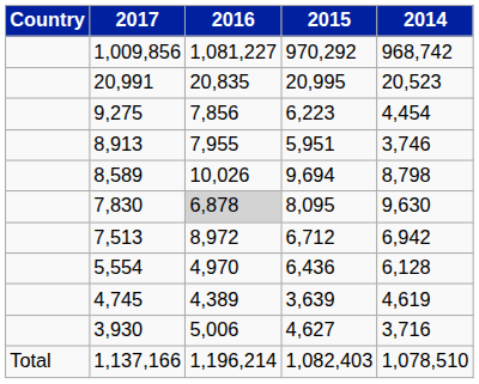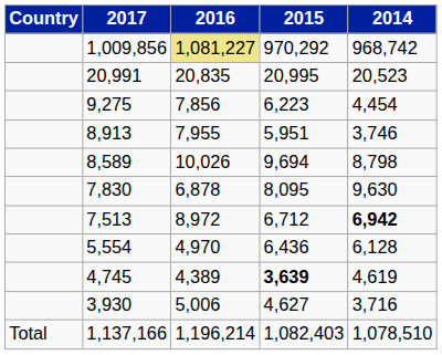 <table class="wikitable sortable">
 <tr>
 </tr>
 <tr style=color:white>
 <th style=background:#00209F>Country</th>
 <th style=background:#00209F>2017</th>
 <th style=background:#00209F>2016</th>
 <th style=background:#00209F>2015</th>
 <th style=background:#00209F>2014</th>
 </tr>
 <tr>
 <td></td>
 <td>1,009,856</td>
-<td>1,081,227</td>
+<td style="background: khaki;">1,081,227</td>
 <td>970,292</td>
 <td>968,742</td>
 </tr>
 <tr>
 <td></td>
 <td>20,991</td>
 <td>20,835</td>
 <td>20,995</td>
 <td>20,523</td>
 </tr>
 <tr>
 <td></td>
 <td>9,275</td>
 <td>7,856</td>
 <td>6,223</td>
 <td>4,454</td>
 </tr>
 <tr>
 <td></td>
 <td>8,913</td>
 <td>7,955</td>
 <td>5,951</td>
 <td>3,746</td>
 </tr>
 <tr>
 <td></td>
 <td>8,589</td>
 <td>10,026</td>
 <td>9,694</td>
 <td>8,798</td>
 </tr>
 <tr>
 <td></td>
 <td>7,830</td>
-<td style="background: lightgrey;">6,878</td>
+<td>6,878</td>
 <td>8,095</td>
 <td>9,630</td>
 </tr>
 <tr>
 <td></td>
 <td>7,513</td>
 <td>8,972</td>
 <td>6,712</td>
-<td>6,942</td>
+<td><strong>6,942</strong></td>
 </tr>
 <tr>
 <td></td>
 <td>5,554</td>
 <td>4,970</td>
 <td>6,436</td>
 <td>6,128</td>
 </tr>
 <tr>
 <td></td>
 <td>4,745</td>
 <td>4,389</td>
-<td>3,639</td>
+<td><strong>3,639</strong></td>
 <td>4,619</td>
 </tr>
 <tr>
 <td></td>
 <td>3,930</td>
 <td>5,006</td>
 <td>4,627</td>
 <td>3,716</td>
 </tr>
 <tr>
 <td>Total</td>
 <td>1,137,166</td>
 <td>1,196,214</td>
 <td>1,082,403</td>
 <td>1,078,510</td>
 </tr>
 </table>
